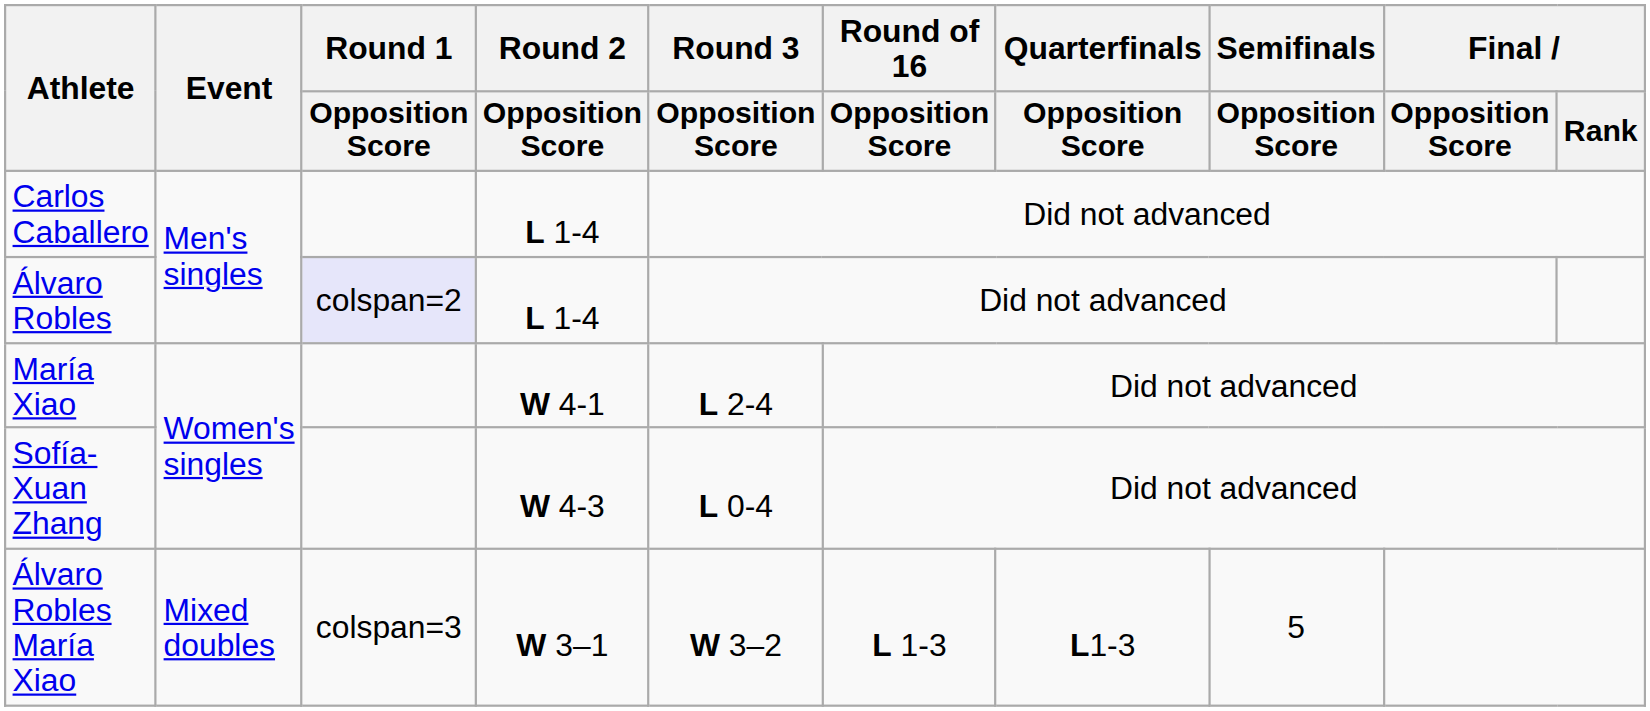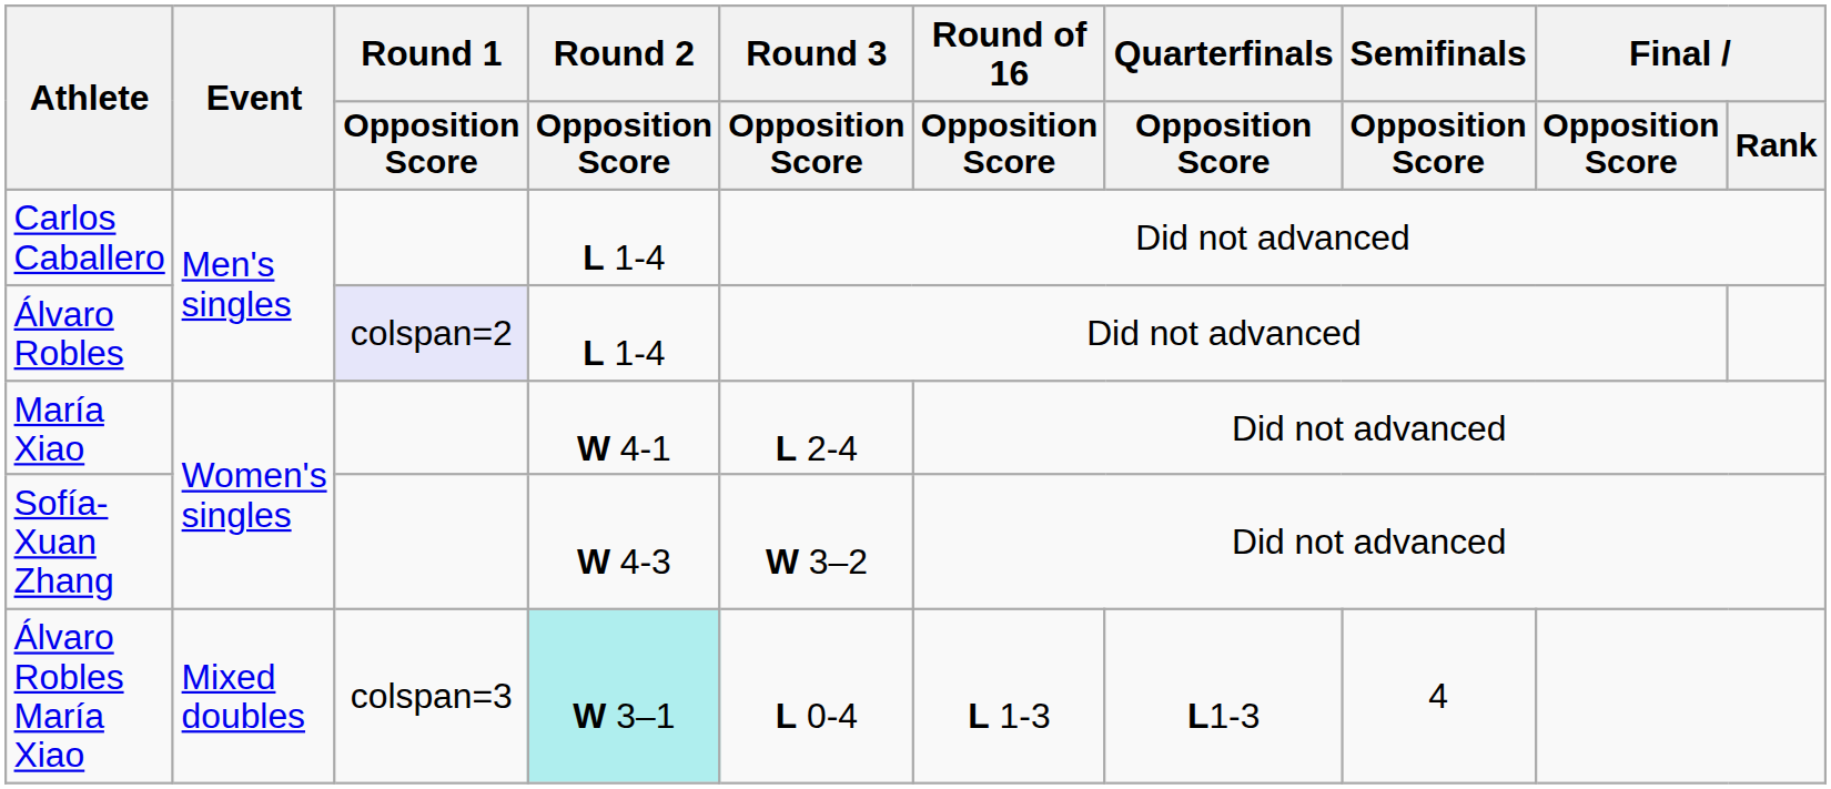 <table class=wikitable style="font-size:90%">
 <tr>
 <th rowspan="2">Athlete</th>
 <th rowspan="2">Event</th>
 <th>Round 1</th>
 <th>Round 2</th>
 <th>Round 3</th>
 <th>Round of 16</th>
 <th>Quarterfinals</th>
 <th>Semifinals</th>
 <th colspan=2>Final / </th>
 </tr>
 <tr style="font-size:95%">
 <th>Opposition<br>Score</th>
 <th>Opposition<br>Score</th>
 <th>Opposition<br>Score</th>
 <th>Opposition<br>Score</th>
 <th>Opposition<br>Score</th>
 <th>Opposition<br>Score</th>
 <th>Opposition<br>Score</th>
 <th>Rank</th>
 </tr>
 <tr align=center>
 <td align=left><a href='#'>Carlos Caballero</a></td>
 <td align=left rowspan=2><a href='#'>Men's singles</a></td>
 <td></td>
 <td><br><strong>L</strong> 1-4</td>
 <td colspan=6>Did not advanced</td>
 </tr>
 <tr align=center>
 <td align=left><a href='#'>Álvaro Robles</a></td>
 <td style="background: lavender;">colspan=2 </td>
 <td><br><strong>L</strong> 1-4</td>
 <td colspan=5>Did not advanced</td>
 </tr>
 <tr align=center>
 <td align=left><a href='#'>María Xiao</a></td>
 <td align=left rowspan=2><a href='#'>Women's singles</a></td>
 <td></td>
 <td><br><strong>W</strong> 4-1</td>
 <td><br><strong>L</strong> 2-4</td>
 <td colspan=5>Did not advanced</td>
 </tr>
 <tr align=center>
 <td align=left><a href='#'>Sofía-Xuan Zhang</a></td>
 <td></td>
 <td><br><strong>W</strong> 4-3</td>
-<td><br><strong>L</strong> 0-4</td>
+<td><br><strong>W</strong> 3–2</td>
 <td colspan=5>Did not advanced</td>
 </tr>
 <tr align=center>
 <td align=left><a href='#'>Álvaro Robles</a><br><a href='#'>María Xiao</a></td>
 <td align=left><a href='#'>Mixed doubles</a></td>
 <td>colspan=3 </td>
-<td><br><strong>W</strong> 3–1</td>
-<td><br><strong>W</strong> 3–2</td>
+<td style="background: paleturquoise;"><br><strong>W</strong> 3–1</td>
+<td><br><strong>L</strong> 0-4</td>
 <td><br><strong>L</strong> 1-3</td>
 <td><br><strong>L</strong>1-3</td>
-<td>5</td>
+<td>4</td>
 </tr>
 </table>
